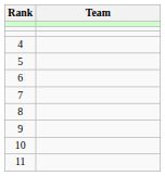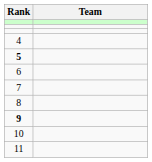 <table class="wikitable" style="text-align:center;">
 <tr>
 <th width=40>Rank</th>
 <th width=180>Team</th>
 </tr>
 <tr bgcolor=#ccffcc>
 <td></td>
 <td style="text-align:left;"></td>
 </tr>
 <tr>
 <td></td>
 <td style="text-align:left;"></td>
 </tr>
 <tr>
 <td></td>
 <td style="text-align:left;"></td>
 </tr>
 <tr>
 <td>4</td>
 <td style="text-align:left;"></td>
 </tr>
 <tr>
-<td>5</td>
+<td><strong>5</strong></td>
 <td style="text-align:left;"></td>
 </tr>
 <tr>
 <td>6</td>
 <td style="text-align:left;"></td>
 </tr>
 <tr>
 <td>7</td>
 <td style="text-align:left;"></td>
 </tr>
 <tr>
 <td>8</td>
 <td style="text-align:left;"></td>
 </tr>
 <tr>
-<td>9</td>
+<td><strong>9</strong></td>
 <td style="text-align:left;"></td>
 </tr>
 <tr>
 <td>10</td>
 <td style="text-align:left;"></td>
 </tr>
 <tr>
 <td>11</td>
 <td style="text-align:left;"></td>
 </tr>
 </table>
